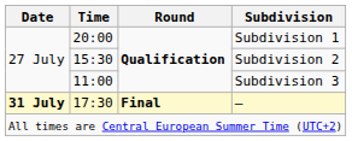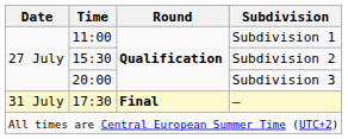 <table class="wikitable">
 <tr>
 <th>Date</th>
 <th>Time</th>
 <th>Round</th>
 <th>Subdivision</th>
 </tr>
 <tr>
 <td rowspan=3>27 July</td>
-<td>20:00</td>
+<td>11:00</td>
 <td rowspan=3><strong>Qualification</strong></td>
 <td>Subdivision 1</td>
 </tr>
 <tr>
 <td>15:30</td>
 <td>Subdivision 2</td>
 </tr>
 <tr>
-<td>11:00</td>
+<td>20:00</td>
 <td>Subdivision 3</td>
 </tr>
 <tr style=background:lemonchiffon>
-<td><strong>31 July</strong></td>
+<td>31 July</td>
 <td>17:30</td>
 <td><strong>Final</strong></td>
 <td>–</td>
 </tr>
 <tr>
 <td colspan=4 align=center><small>All times are <a href='#'>Central European Summer Time</a> (<a href='#'>UTC+2</a>)</small></td>
 </tr>
 </table>
